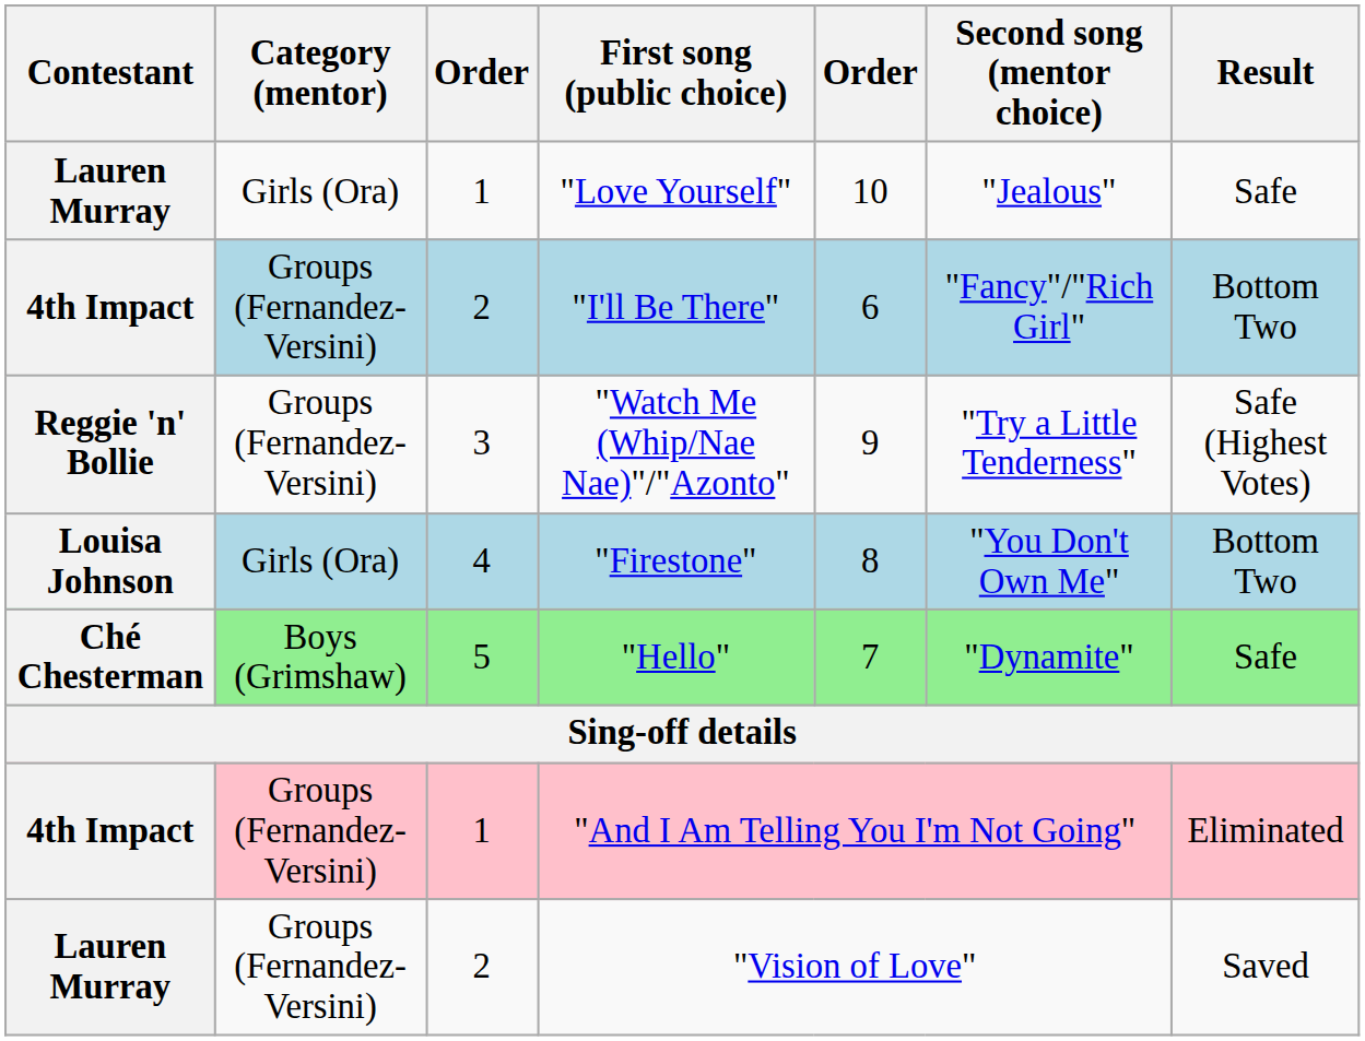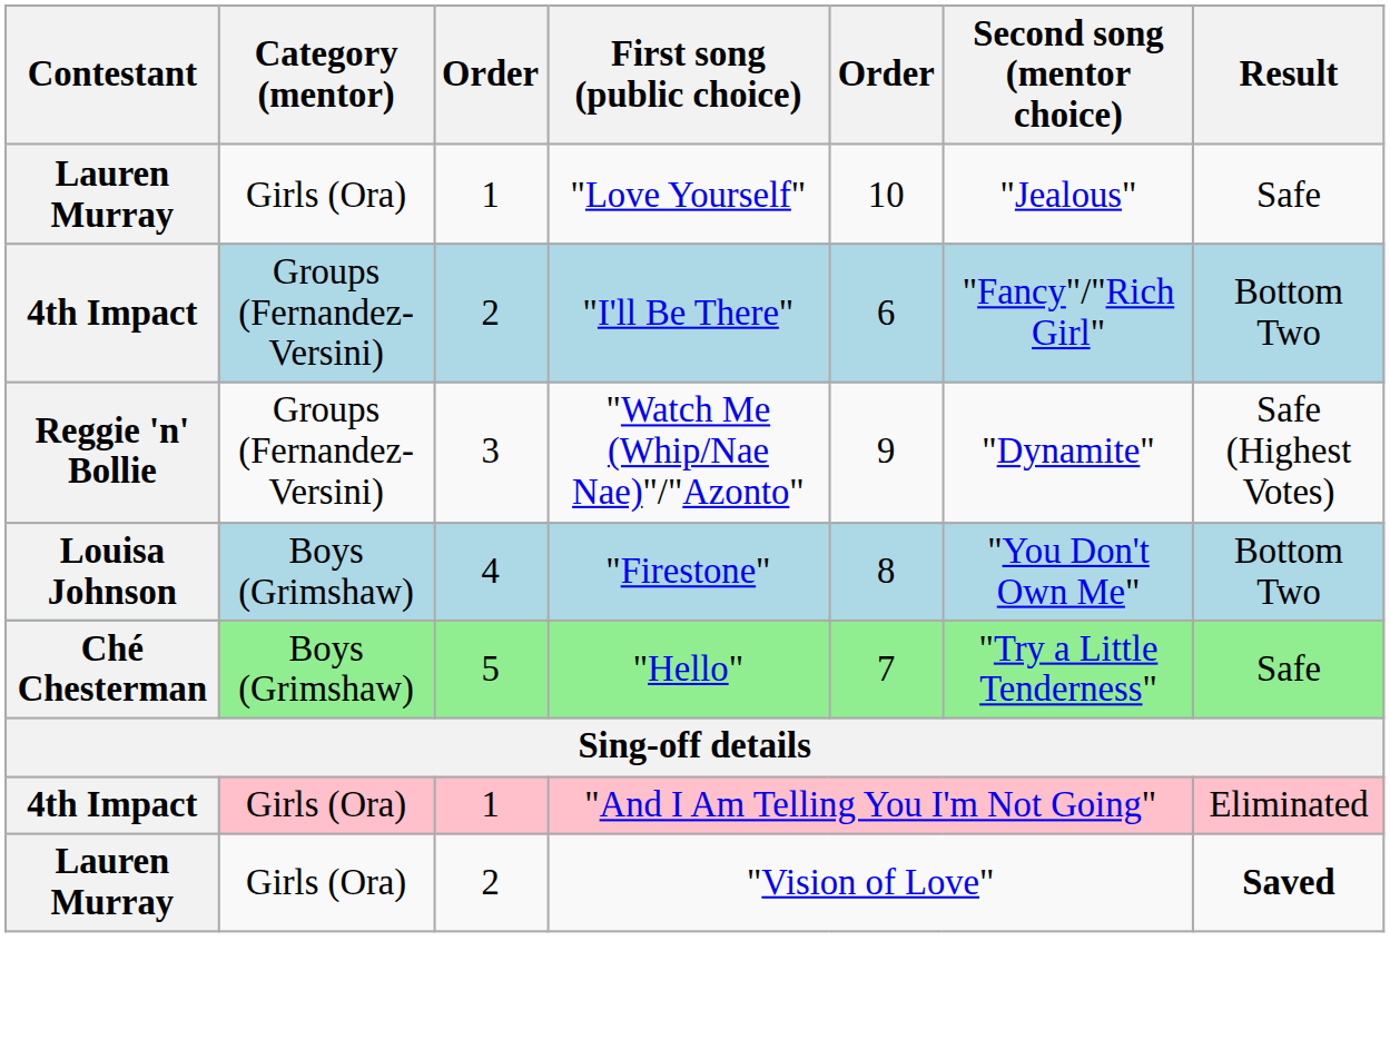 <table class="wikitable plainrowheaders" style="text-align:center;">
 <tr>
 <th scope="col">Contestant</th>
 <th scope="col">Category (mentor)</th>
 <th scope="col">Order</th>
 <th scope="col">First song (public choice)</th>
 <th scope="col">Order</th>
 <th scope="col">Second song (mentor choice)</th>
 <th scope="col">Result</th>
 </tr>
 <tr>
 <th scope="row">Lauren Murray</th>
 <td>Girls (Ora)</td>
 <td>1</td>
 <td>"<a href='#'>Love Yourself</a>"</td>
 <td>10</td>
 <td>"<a href='#'>Jealous</a>"</td>
 <td>Safe</td>
 </tr>
 <tr style="background:lightblue;">
 <th scope="row">4th Impact</th>
 <td>Groups (Fernandez-Versini)</td>
 <td>2</td>
 <td>"<a href='#'>I'll Be There</a>"</td>
 <td>6</td>
 <td>"<a href='#'>Fancy</a>"/"<a href='#'>Rich Girl</a>"</td>
 <td>Bottom Two</td>
 </tr>
 <tr>
 <th scope="row">Reggie 'n' Bollie</th>
 <td>Groups (Fernandez-Versini)</td>
 <td>3</td>
 <td>"<a href='#'>Watch Me (Whip/Nae Nae)</a>"/"<a href='#'>Azonto</a>"</td>
 <td>9</td>
-<td>"<a href='#'>Try a Little Tenderness</a>"</td>
+<td>"<a href='#'>Dynamite</a>"</td>
 <td>Safe (Highest Votes)</td>
 </tr>
 <tr style="background:lightblue;">
 <th scope="row">Louisa Johnson</th>
-<td>Girls (Ora)</td>
+<td>Boys (Grimshaw)</td>
 <td>4</td>
 <td>"<a href='#'>Firestone</a>"</td>
 <td>8</td>
 <td>"<a href='#'>You Don't Own Me</a>"</td>
 <td>Bottom Two</td>
 </tr>
 <tr style="background:lightgreen;">
 <th scope="row">Ché Chesterman</th>
 <td>Boys (Grimshaw)</td>
 <td>5</td>
 <td>"<a href='#'>Hello</a>"</td>
 <td>7</td>
-<td>"<a href='#'>Dynamite</a>"</td>
+<td>"<a href='#'>Try a Little Tenderness</a>"</td>
 <td>Safe</td>
 </tr>
 <tr>
 <th scope="col" colspan=8>Sing-off details</th>
 </tr>
 <tr style="background:pink;">
 <th scope="row">4th Impact</th>
-<td>Groups (Fernandez-Versini)</td>
+<td>Girls (Ora)</td>
 <td>1</td>
 <td colspan="3">"<a href='#'>And I Am Telling You I'm Not Going</a>"</td>
 <td>Eliminated</td>
 </tr>
 <tr>
 <th scope="row">Lauren Murray</th>
-<td>Groups (Fernandez-Versini)</td>
+<td>Girls (Ora)</td>
 <td>2</td>
 <td colspan="3">"<a href='#'>Vision of Love</a>"</td>
-<td>Saved</td>
+<td><strong>Saved</strong></td>
 </tr>
 </table>
